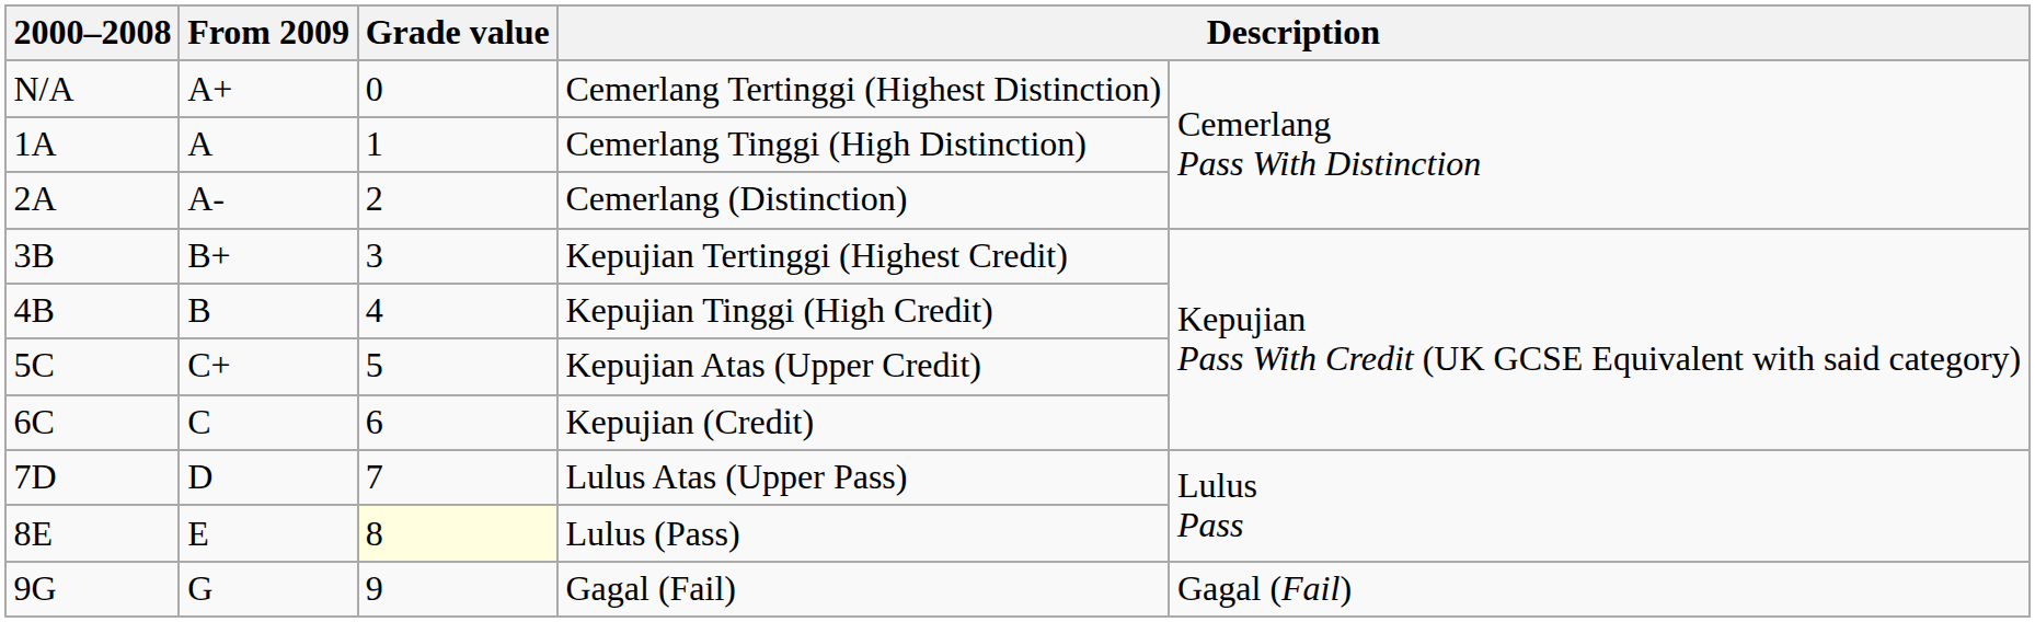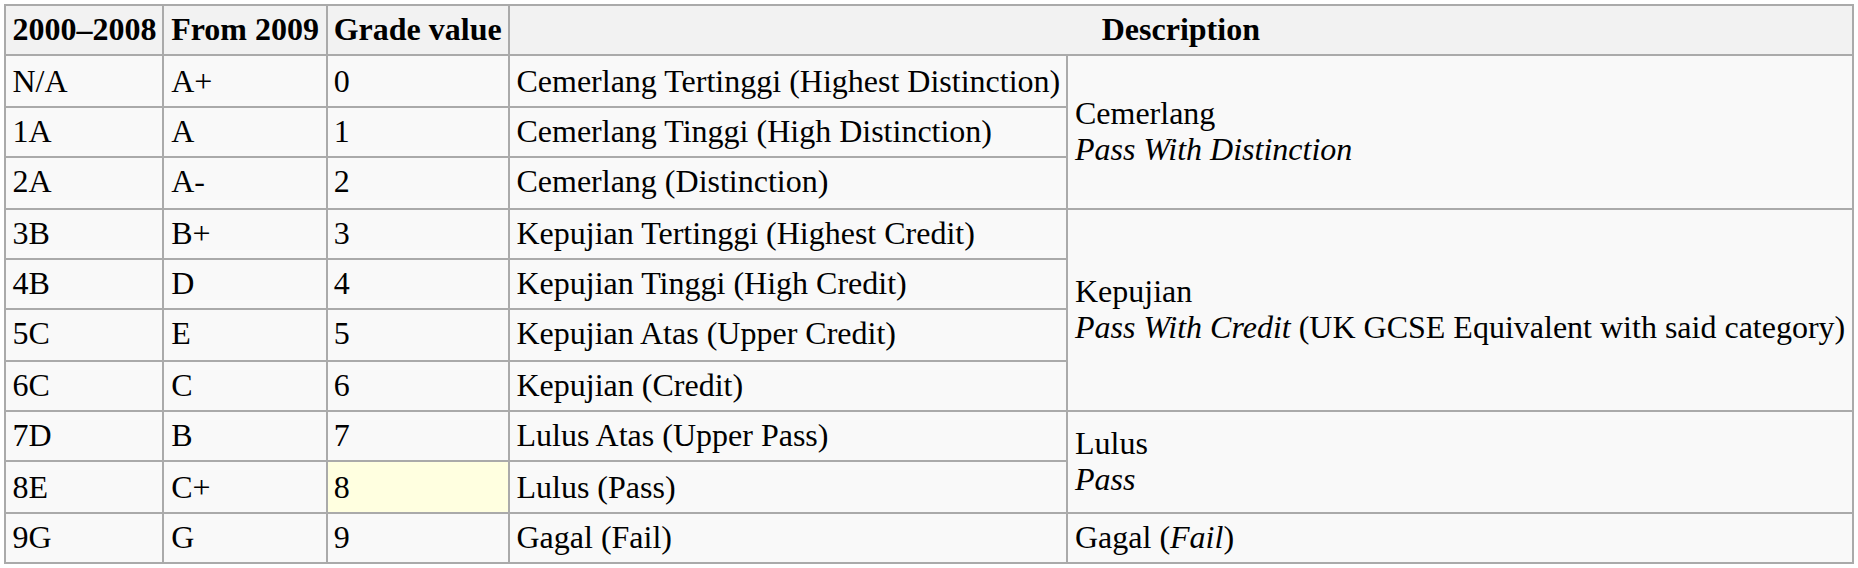 <table class="wikitable">
 <tr>
 <th>2000–2008</th>
 <th>From 2009</th>
 <th>Grade value</th>
 <th colspan="2">Description</th>
 </tr>
 <tr>
 <td>N/A</td>
 <td>A+</td>
 <td>0</td>
 <td>Cemerlang Tertinggi (Highest Distinction)</td>
 <td rowspan="3">Cemerlang<br><em>Pass With Distinction</em></td>
 </tr>
 <tr>
 <td>1A</td>
 <td>A</td>
 <td>1</td>
 <td>Cemerlang Tinggi (High Distinction)</td>
 </tr>
 <tr>
 <td>2A</td>
 <td>A-</td>
 <td>2</td>
 <td>Cemerlang (Distinction)</td>
 </tr>
 <tr>
 <td>3B</td>
 <td>B+</td>
 <td>3</td>
 <td>Kepujian Tertinggi (Highest Credit)</td>
 <td rowspan="4">Kepujian<br><em>Pass With Credit</em> (UK GCSE Equivalent with said category)</td>
 </tr>
 <tr>
 <td>4B</td>
-<td>B</td>
+<td>D</td>
 <td>4</td>
 <td>Kepujian Tinggi (High Credit)</td>
 </tr>
 <tr>
 <td>5C</td>
-<td>C+</td>
+<td>E</td>
 <td>5</td>
 <td>Kepujian Atas (Upper Credit)</td>
 </tr>
 <tr>
 <td>6C</td>
 <td>C</td>
 <td>6</td>
 <td>Kepujian (Credit)</td>
 </tr>
 <tr>
 <td>7D</td>
-<td>D</td>
+<td>B</td>
 <td>7</td>
 <td>Lulus Atas (Upper Pass)</td>
 <td rowspan="2">Lulus<br><em>Pass</em></td>
 </tr>
 <tr>
 <td>8E</td>
-<td>E</td>
+<td>C+</td>
 <td style="background: lightyellow;">8</td>
 <td>Lulus (Pass)</td>
 </tr>
 <tr>
 <td>9G</td>
 <td>G</td>
 <td>9</td>
 <td>Gagal (Fail)</td>
 <td>Gagal (<em>Fail</em>)</td>
 </tr>
 </table>
